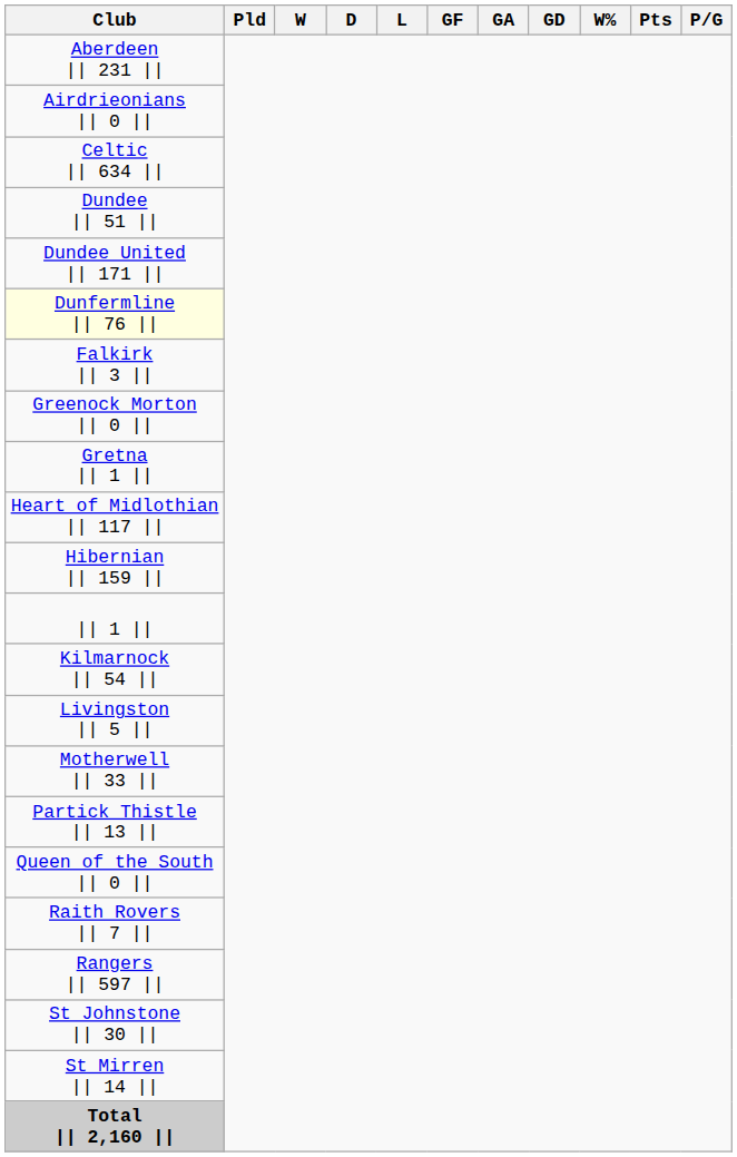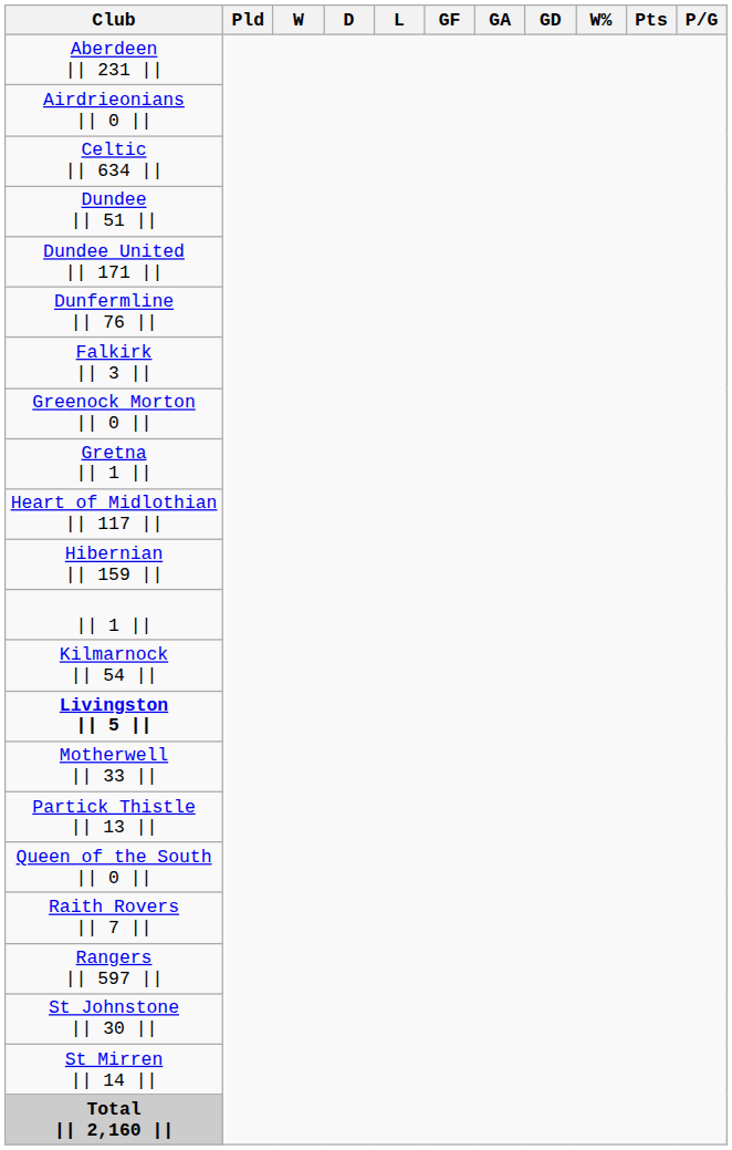 <table class="sortable plainrowheaders wikitable" style="text-align:center">
 <tr>
 <th width=150px>Club</th>
 <th width=30px>Pld</th>
 <th width=30px>W</th>
 <th width=30px>D</th>
 <th width=30px>L</th>
 <th width=30px>GF</th>
 <th width=30px>GA</th>
 <th width=30px>GD</th>
 <th width=30px>W%</th>
 <th width=30px>Pts</th>
 <th width=30px>P/G</th>
 </tr>
 <tr>
 <td><a href='#'>Aberdeen</a><br> || 231 || </td>
 </tr>
 <tr>
 <td><a href='#'>Airdrieonians</a><br> || 0 || </td>
 </tr>
 <tr>
 <td><a href='#'>Celtic</a><br> || 634 || </td>
 </tr>
 <tr>
 <td><a href='#'>Dundee</a><br> || 51 || </td>
 </tr>
 <tr>
 <td><a href='#'>Dundee United</a><br> || 171 || </td>
 </tr>
 <tr>
-<td style="background: lightyellow;"><a href='#'>Dunfermline</a><br> || 76 || </td>
+<td><a href='#'>Dunfermline</a><br> || 76 || </td>
 </tr>
 <tr>
 <td><a href='#'>Falkirk</a><br> || 3 || </td>
 </tr>
 <tr>
 <td><a href='#'>Greenock Morton</a><br> || 0 || </td>
 </tr>
 <tr>
 <td><a href='#'>Gretna</a><br> || 1 || </td>
 </tr>
 <tr>
 <td><a href='#'>Heart of Midlothian</a><br> || 117 || </td>
 </tr>
 <tr>
 <td><a href='#'>Hibernian</a><br> || 159 || </td>
 </tr>
 <tr>
 <td><br> || 1 || </td>
 </tr>
 <tr>
 <td><a href='#'>Kilmarnock</a><br> || 54 || </td>
 </tr>
 <tr>
-<td><a href='#'>Livingston</a><br> || 5 || </td>
+<td><strong><a href='#'>Livingston</a><br> || 5 || </strong></td>
 </tr>
 <tr>
 <td><a href='#'>Motherwell</a><br> || 33 || </td>
 </tr>
 <tr>
 <td><a href='#'>Partick Thistle</a><br> || 13 || </td>
 </tr>
 <tr>
 <td><a href='#'>Queen of the South</a><br> || 0 || </td>
 </tr>
 <tr>
 <td><a href='#'>Raith Rovers</a><br> || 7 || </td>
 </tr>
 <tr>
 <td><a href='#'>Rangers</a><br> || 597 || </td>
 </tr>
 <tr>
 <td><a href='#'>St Johnstone</a><br> || 30 || </td>
 </tr>
 <tr>
 <td><a href='#'>St Mirren</a><br> || 14 || </td>
 </tr>
 <tr class="sortbottom" style="background:#ccc; font-weight:bold">
 <td>Total<br> || 2,160 || </td>
 </tr>
 </table>
